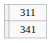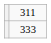 <table class="wikitable">
 <tr>
 <th></th>
 <td style="padding-left: 1em; padding-right: 1em">311</td>
 </tr>
 <tr>
 <th></th>
-<td style="padding-left: 1em; padding-right: 1em">341</td>
+<td style="padding-left: 1em; padding-right: 1em">333</td>
 </tr>
 </table>
